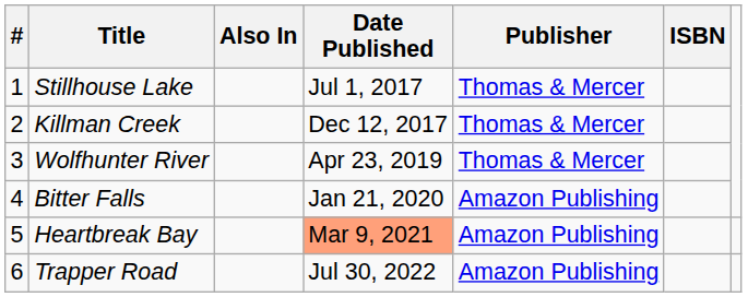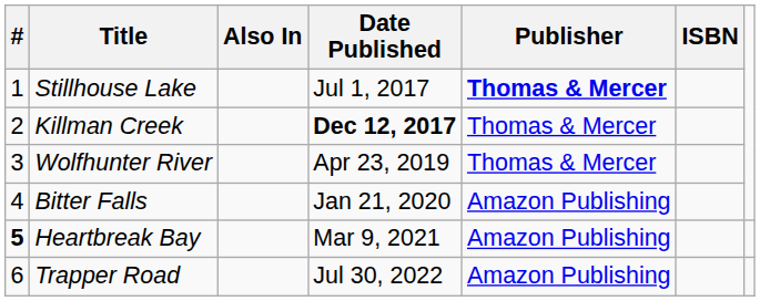 <table class="wikitable">
 <tr>
 <th>#</th>
 <th>Title</th>
 <th>Also In</th>
 <th>Date<br>Published</th>
 <th>Publisher</th>
 <th>ISBN</th>
 </tr>
 <tr>
 <td>1</td>
 <td><em>Stillhouse Lake</em></td>
 <td></td>
 <td>Jul 1, 2017</td>
-<td><a href='#'>Thomas & Mercer</a></td>
+<td><strong><a href='#'>Thomas & Mercer</a></strong></td>
 <td></td>
 </tr>
 <tr>
 <td>2</td>
 <td><em>Killman Creek</em></td>
 <td></td>
-<td>Dec 12, 2017</td>
+<td><strong>Dec 12, 2017</strong></td>
 <td><a href='#'>Thomas & Mercer</a></td>
 <td></td>
 </tr>
 <tr>
 <td>3</td>
 <td><em>Wolfhunter River</em></td>
 <td></td>
 <td>Apr 23, 2019</td>
 <td><a href='#'>Thomas & Mercer</a></td>
 <td></td>
 </tr>
 <tr>
 <td>4</td>
 <td><em>Bitter Falls</em></td>
 <td></td>
 <td>Jan 21, 2020</td>
 <td><a href='#'>Amazon Publishing</a></td>
 <td></td>
 </tr>
 <tr>
-<td>5</td>
+<td><strong>5</strong></td>
 <td><em>Heartbreak Bay</em></td>
 <td></td>
-<td style="background: lightsalmon;">Mar 9, 2021</td>
+<td>Mar 9, 2021</td>
 <td><a href='#'>Amazon Publishing</a></td>
 <td></td>
 <td></td>
 </tr>
 <tr>
 <td>6</td>
 <td><em>Trapper Road</em></td>
 <td></td>
 <td>Jul 30, 2022</td>
 <td><a href='#'>Amazon Publishing</a></td>
 <td></td>
 </tr>
 </table>
